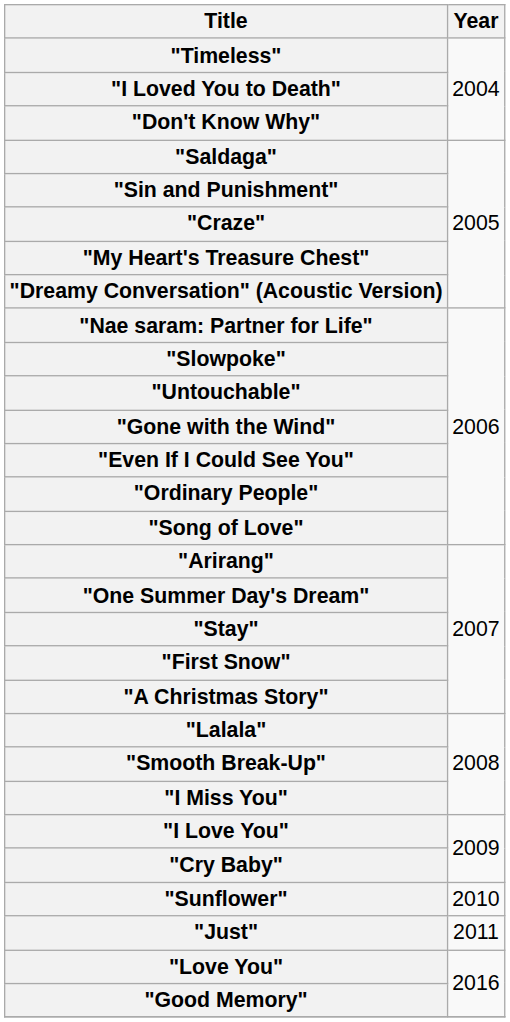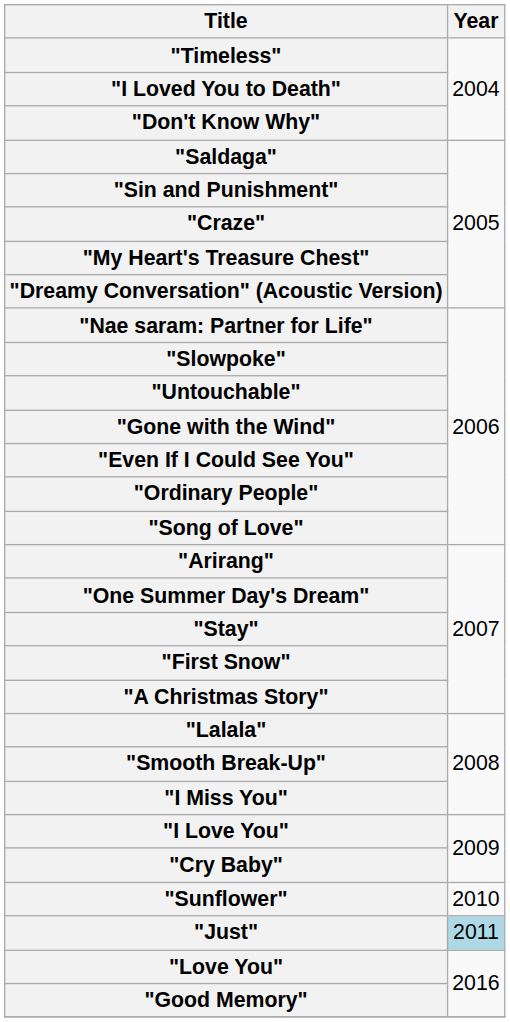 <table class="wikitable plainrowheaders" style="text-align:center">
 <tr>
 <th scope="col">Title</th>
 <th scope="col">Year</th>
 </tr>
 <tr>
 <th scope="row">"Timeless"</th>
 <td rowspan="3">2004</td>
 </tr>
 <tr>
 <th scope="row">"I Loved You to Death"</th>
 </tr>
 <tr>
 <th scope="row">"Don't Know Why"</th>
 </tr>
 <tr>
 <th scope="row">"Saldaga"</th>
 <td rowspan="5">2005</td>
 </tr>
 <tr>
 <th scope="row">"Sin and Punishment"</th>
 </tr>
 <tr>
 <th scope="row">"Craze"</th>
 </tr>
 <tr>
 <th scope="row">"My Heart's Treasure Chest"</th>
 </tr>
 <tr>
 <th scope="row">"Dreamy Conversation" (Acoustic Version)</th>
 </tr>
 <tr>
 <th scope="row">"Nae saram: Partner for Life"</th>
 <td rowspan="7">2006</td>
 </tr>
 <tr>
 <th scope="row">"Slowpoke"</th>
 </tr>
 <tr>
 <th scope="row">"Untouchable"</th>
 </tr>
 <tr>
 <th scope="row">"Gone with the Wind"</th>
 </tr>
 <tr>
 <th scope="row">"Even If I Could See You"</th>
 </tr>
 <tr>
 <th scope="row">"Ordinary People"</th>
 </tr>
 <tr>
 <th scope="row">"Song of Love"</th>
 </tr>
 <tr>
 <th scope="row">"Arirang"</th>
 <td rowspan="5">2007</td>
 </tr>
 <tr>
 <th scope="row">"One Summer Day's Dream"</th>
 </tr>
 <tr>
 <th scope="row">"Stay"</th>
 </tr>
 <tr>
 <th scope="row">"First Snow"</th>
 </tr>
 <tr>
 <th scope="row">"A Christmas Story"</th>
 </tr>
 <tr>
 <th scope="row">"Lalala"</th>
 <td rowspan="3">2008</td>
 </tr>
 <tr>
 <th scope="row">"Smooth Break-Up"</th>
 </tr>
 <tr>
 <th scope="row">"I Miss You"</th>
 </tr>
 <tr>
 <th scope="row">"I Love You"</th>
 <td rowspan="2">2009</td>
 </tr>
 <tr>
 <th scope="row">"Cry Baby"</th>
 </tr>
 <tr>
 <th scope="row">"Sunflower"</th>
 <td>2010</td>
 </tr>
 <tr>
 <th scope="row">"Just"</th>
-<td>2011</td>
+<td style="background: lightblue;">2011</td>
 </tr>
 <tr>
 <th scope="row">"Love You"</th>
 <td rowspan="2">2016</td>
 </tr>
 <tr>
 <th scope="row">"Good Memory"</th>
 </tr>
 <tr>
 </tr>
 </table>
